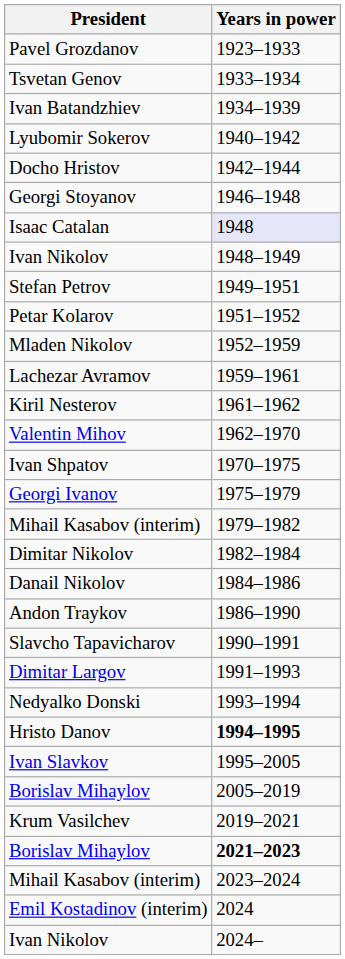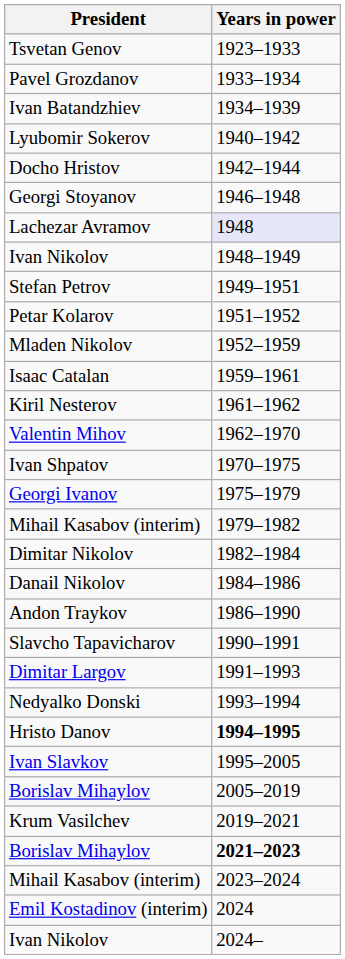 <table class="wikitable">
 <tr style="background:#ccc;">
 <th>President</th>
 <th>Years in power</th>
 </tr>
 <tr>
-<td>Pavel Grozdanov</td>
+<td>Tsvetan Genov</td>
 <td>1923–1933</td>
 </tr>
 <tr>
-<td>Tsvetan Genov</td>
+<td>Pavel Grozdanov</td>
 <td>1933–1934</td>
 </tr>
 <tr>
 <td>Ivan Batandzhiev</td>
 <td>1934–1939</td>
 </tr>
 <tr>
 <td>Lyubomir Sokerov</td>
 <td>1940–1942</td>
 </tr>
 <tr>
 <td>Docho Hristov</td>
 <td>1942–1944</td>
 </tr>
 <tr>
 <td>Georgi Stoyanov</td>
 <td>1946–1948</td>
 </tr>
 <tr>
-<td>Isaac Catalan</td>
+<td>Lachezar Avramov</td>
 <td style="background: lavender;">1948</td>
 </tr>
 <tr>
 <td>Ivan Nikolov</td>
 <td>1948–1949</td>
 </tr>
 <tr>
 <td>Stefan Petrov</td>
 <td>1949–1951</td>
 </tr>
 <tr>
 <td>Petar Kolarov</td>
 <td>1951–1952</td>
 </tr>
 <tr>
 <td>Mladen Nikolov</td>
 <td>1952–1959</td>
 </tr>
 <tr>
-<td>Lachezar Avramov</td>
+<td>Isaac Catalan</td>
 <td>1959–1961</td>
 </tr>
 <tr>
 <td>Kiril Nesterov</td>
 <td>1961–1962</td>
 </tr>
 <tr>
 <td><a href='#'>Valentin Mihov</a></td>
 <td>1962–1970</td>
 </tr>
 <tr>
 <td>Ivan Shpatov</td>
 <td>1970–1975</td>
 </tr>
 <tr>
 <td><a href='#'>Georgi Ivanov</a></td>
 <td>1975–1979</td>
 </tr>
 <tr>
 <td>Mihail Kasabov (interim)</td>
 <td>1979–1982</td>
 </tr>
 <tr>
 <td>Dimitar Nikolov</td>
 <td>1982–1984</td>
 </tr>
 <tr>
 <td>Danail Nikolov</td>
 <td>1984–1986</td>
 </tr>
 <tr>
 <td>Andon Traykov</td>
 <td>1986–1990</td>
 </tr>
 <tr>
 <td>Slavcho Tapavicharov</td>
 <td>1990–1991</td>
 </tr>
 <tr>
 <td><a href='#'>Dimitar Largov</a></td>
 <td>1991–1993</td>
 </tr>
 <tr>
 <td>Nedyalko Donski</td>
 <td>1993–1994</td>
 </tr>
 <tr>
 <td>Hristo Danov</td>
 <td><strong>1994–1995</strong></td>
 </tr>
 <tr>
 <td><a href='#'>Ivan Slavkov</a></td>
 <td>1995–2005</td>
 </tr>
 <tr>
 <td><a href='#'>Borislav Mihaylov</a></td>
 <td>2005–2019</td>
 </tr>
 <tr>
 <td>Krum Vasilchev</td>
 <td>2019–2021</td>
 </tr>
 <tr>
 <td><a href='#'>Borislav Mihaylov</a></td>
 <td><strong>2021–2023</strong></td>
 </tr>
 <tr>
 <td>Mihail Kasabov (interim)</td>
 <td>2023–2024</td>
 </tr>
 <tr>
 <td><a href='#'>Emil Kostadinov</a> (interim)</td>
 <td>2024</td>
 </tr>
 <tr>
 <td>Ivan Nikolov</td>
 <td>2024–</td>
 </tr>
 <tr>
 </tr>
 </table>
